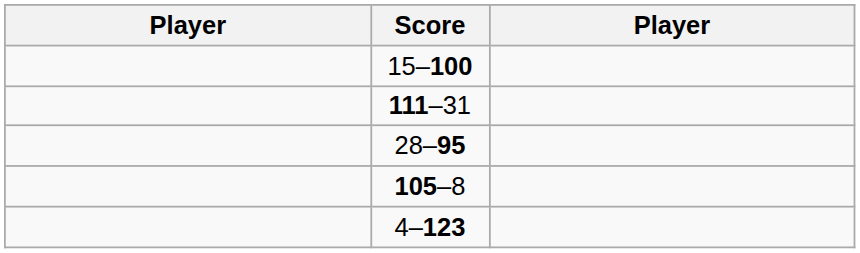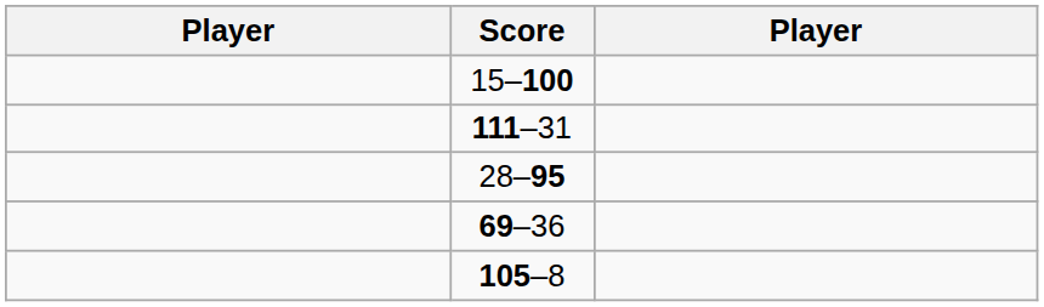 <table class="wikitable " style="font-size: 90%;">
 <tr>
 <th width=200>Player</th>
 <th width=60>Score</th>
 <th width=200>Player</th>
 </tr>
 <tr>
 <td></td>
 <td align="center">15–<strong>100</strong></td>
 <td><strong></strong></td>
 </tr>
 <tr>
 <td><strong></strong></td>
 <td align="center"><strong>111</strong>–31</td>
 <td></td>
 </tr>
 <tr>
 <td></td>
 <td align="center">28–<strong>95</strong></td>
 <td><strong></strong></td>
 </tr>
 <tr>
 <td><strong></strong></td>
+<td align="center"><strong>69</strong>–36</td>
+<td></td>
+</tr>
+<tr>
+<td><strong></strong></td>
 <td align="center"><strong>105</strong>–8</td>
 <td></td>
 </tr>
-<tr>
-<td></td>
-<td align="center">4–<strong>123</strong></td>
-<td><strong></strong></td>
-</tr>
 </table>
